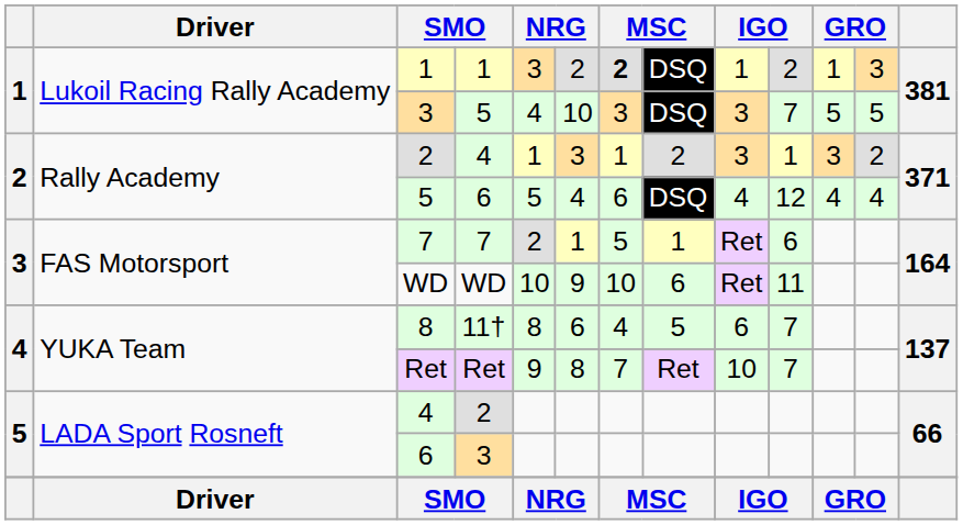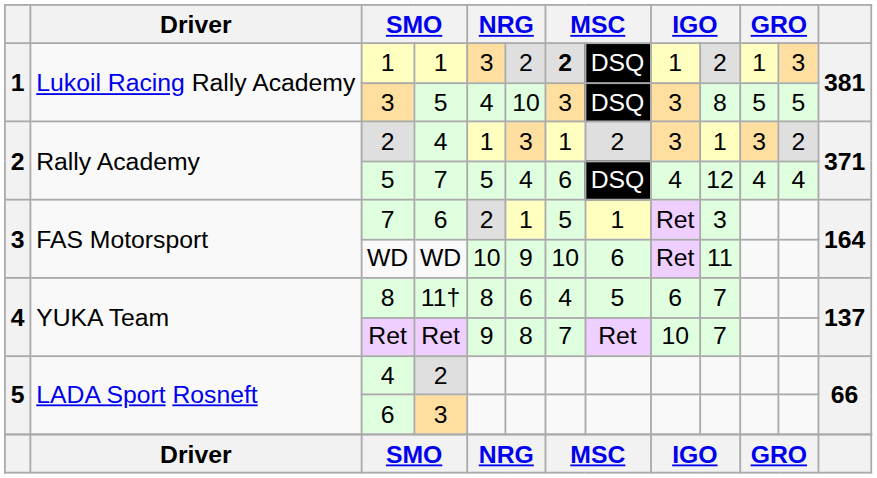 <table class="wikitable" style="font-size: 85%; text-align: center">
 <tr valign="top">
 <th valign="middle"></th>
 <th valign="middle">Driver</th>
 <th colspan=2><a href='#'>SMO</a></th>
 <th colspan=2><a href='#'>NRG</a></th>
 <th colspan=2><a href='#'>MSC</a></th>
 <th colspan=2><a href='#'>IGO</a></th>
 <th colspan=2><a href='#'>GRO</a></th>
 <th valign="middle"></th>
 </tr>
 <tr>
 <th rowspan="2">1</th>
 <td rowspan="2" align=left><a href='#'>Lukoil Racing</a> Rally Academy</td>
 <td style="background:#ffffbf;">1</td>
 <td style="background:#ffffbf;">1</td>
 <td style="background:#ffdf9f;">3</td>
 <td style="background:#dfdfdf;">2</td>
 <td style="background:#dfdfdf;"><strong>2</strong></td>
 <td style="background-color:#000000;color:white">DSQ</td>
 <td style="background:#ffffbf;">1</td>
 <td style="background:#dfdfdf;">2</td>
 <td style="background:#ffffbf;">1</td>
 <td style="background:#ffdf9f;">3</td>
 <th rowspan="2">381</th>
 </tr>
 <tr>
 <td style="background:#ffdf9f;">3</td>
 <td style="background:#dfffdf;">5</td>
 <td style="background:#dfffdf;">4</td>
 <td style="background:#dfffdf;">10</td>
 <td style="background:#ffdf9f;">3</td>
 <td style="background-color:#000000;color:white">DSQ</td>
 <td style="background:#ffdf9f;">3</td>
-<td style="background:#dfffdf;">7</td>
+<td style="background:#dfffdf;">8</td>
 <td style="background:#dfffdf;">5</td>
 <td style="background:#dfffdf;">5</td>
 </tr>
 <tr>
 <th rowspan="2">2</th>
 <td rowspan="2" align=left>Rally Academy</td>
 <td style="background:#dfdfdf;">2</td>
 <td style="background:#dfffdf;">4</td>
 <td style="background:#ffffbf;">1</td>
 <td style="background:#ffdf9f;">3</td>
 <td style="background:#ffffbf;">1</td>
 <td style="background:#dfdfdf;">2</td>
 <td style="background:#ffdf9f;">3</td>
 <td style="background:#ffffbf;">1</td>
 <td style="background:#ffdf9f;"> 3 </td>
 <td style="background:#dfdfdf;"> 2 </td>
 <th rowspan="2">371</th>
 </tr>
 <tr>
 <td style="background:#dfffdf;">5</td>
-<td style="background:#dfffdf;">6</td>
+<td style="background:#dfffdf;">7</td>
 <td style="background:#dfffdf;">5</td>
 <td style="background:#dfffdf;">4</td>
 <td style="background:#dfffdf;">6</td>
 <td style="background-color:#000000;color:white">DSQ</td>
 <td style="background:#dfffdf;">4</td>
 <td style="background:#dfffdf;">12</td>
 <td style="background:#dfffdf;">4</td>
 <td style="background:#dfffdf;">4</td>
 </tr>
 <tr>
 <th rowspan="2">3</th>
 <td rowspan="2" align=left>FAS Motorsport</td>
 <td style="background:#dfffdf;">7</td>
-<td style="background:#dfffdf;">7</td>
+<td style="background:#dfffdf;">6</td>
 <td style="background:#dfdfdf;">2</td>
 <td style="background:#ffffbf;">1</td>
 <td style="background:#dfffdf;">5</td>
 <td style="background:#ffffbf;">1</td>
 <td style="background:#efcfff;">Ret</td>
-<td style="background:#dfffdf;">6</td>
+<td style="background:#dfffdf;">3</td>
 <td></td>
 <td></td>
 <th rowspan="2">164</th>
 </tr>
 <tr>
 <td>WD</td>
 <td>WD</td>
 <td style="background:#dfffdf;">10</td>
 <td style="background:#dfffdf;">9</td>
 <td style="background:#dfffdf;">10</td>
 <td style="background:#dfffdf;">6</td>
 <td style="background:#efcfff;">Ret</td>
 <td style="background:#dfffdf;">11</td>
 <td></td>
 <td></td>
 </tr>
 <tr>
 <th rowspan="2">4</th>
 <td rowspan="2" align=left>YUKA Team</td>
 <td style="background:#dfffdf;">8</td>
 <td style="background:#dfffdf;">11†</td>
 <td style="background:#dfffdf;">8</td>
 <td style="background:#dfffdf;">6</td>
 <td style="background:#dfffdf;">4</td>
 <td style="background:#dfffdf;">5</td>
 <td style="background:#dfffdf;">6</td>
 <td style="background:#dfffdf;">7</td>
 <td></td>
 <td></td>
 <th rowspan="2">137</th>
 </tr>
 <tr>
 <td style="background:#efcfff;">Ret</td>
 <td style="background:#efcfff;">Ret</td>
 <td style="background:#dfffdf;">9</td>
 <td style="background:#dfffdf;">8</td>
 <td style="background:#dfffdf;">7</td>
 <td style="background:#efcfff;">Ret</td>
 <td style="background:#dfffdf;">10</td>
 <td style="background:#dfffdf;">7</td>
 <td></td>
 <td></td>
 </tr>
 <tr>
 <th rowspan="2">5</th>
 <td rowspan="2" align=left><a href='#'>LADA Sport</a> <a href='#'>Rosneft</a></td>
 <td style="background:#dfffdf;">4</td>
 <td style="background:#dfdfdf;">2</td>
 <td></td>
 <td></td>
 <td></td>
 <td></td>
 <td></td>
 <td></td>
 <td></td>
 <td></td>
 <th rowspan="2">66</th>
 </tr>
 <tr>
 <td style="background:#dfffdf;">6</td>
 <td style="background:#ffdf9f;">3</td>
 <td></td>
 <td></td>
 <td></td>
 <td></td>
 <td></td>
 <td></td>
 <td></td>
 <td></td>
 </tr>
 <tr>
 </tr>
 <tr valign="top">
 <th valign="middle"></th>
 <th valign="middle">Driver</th>
 <th colspan=2><a href='#'>SMO</a></th>
 <th colspan=2><a href='#'>NRG</a></th>
 <th colspan=2><a href='#'>MSC</a></th>
 <th colspan=2><a href='#'>IGO</a></th>
 <th colspan=2><a href='#'>GRO</a></th>
 <th valign="middle"></th>
 </tr>
 </table>
